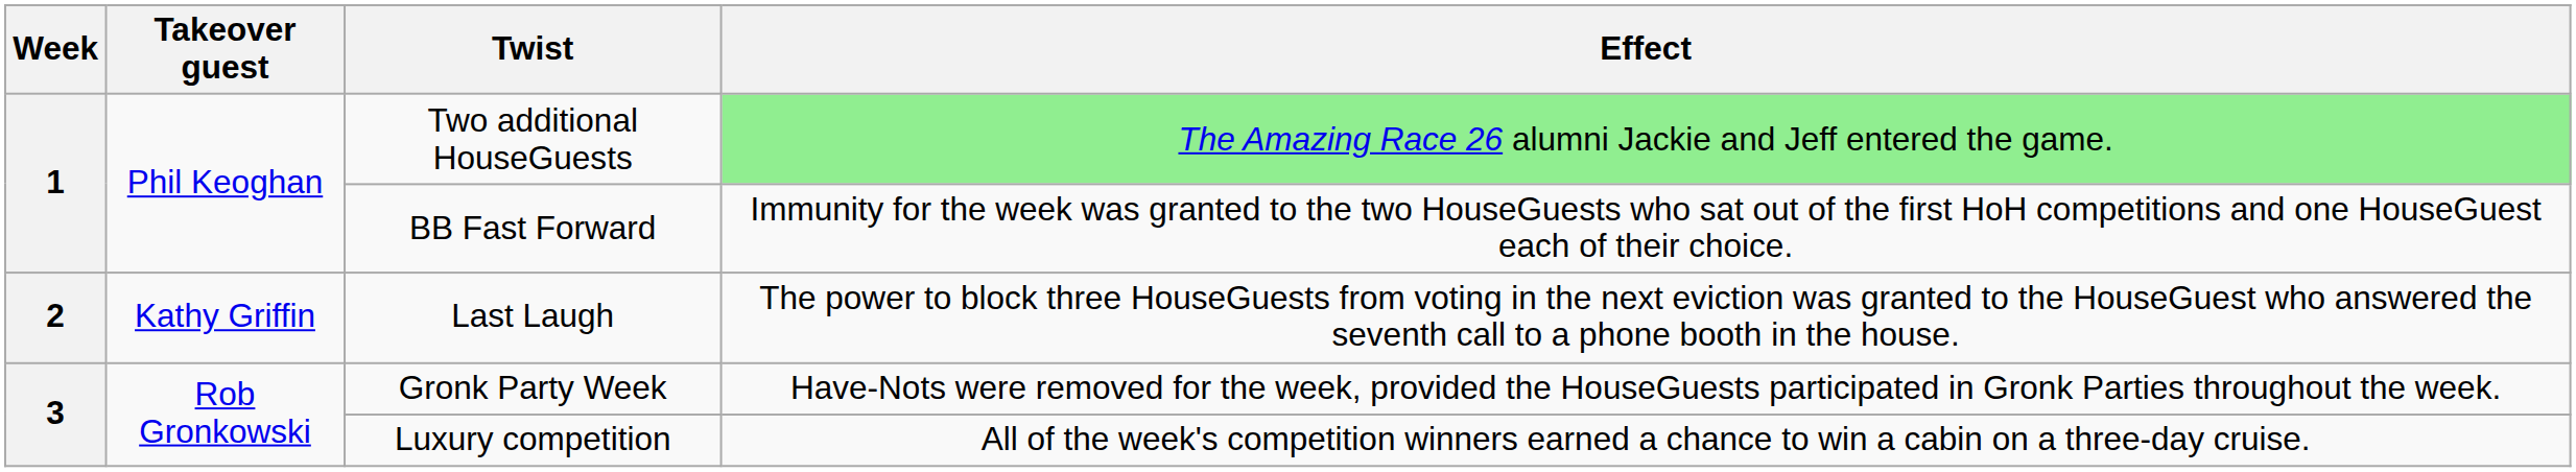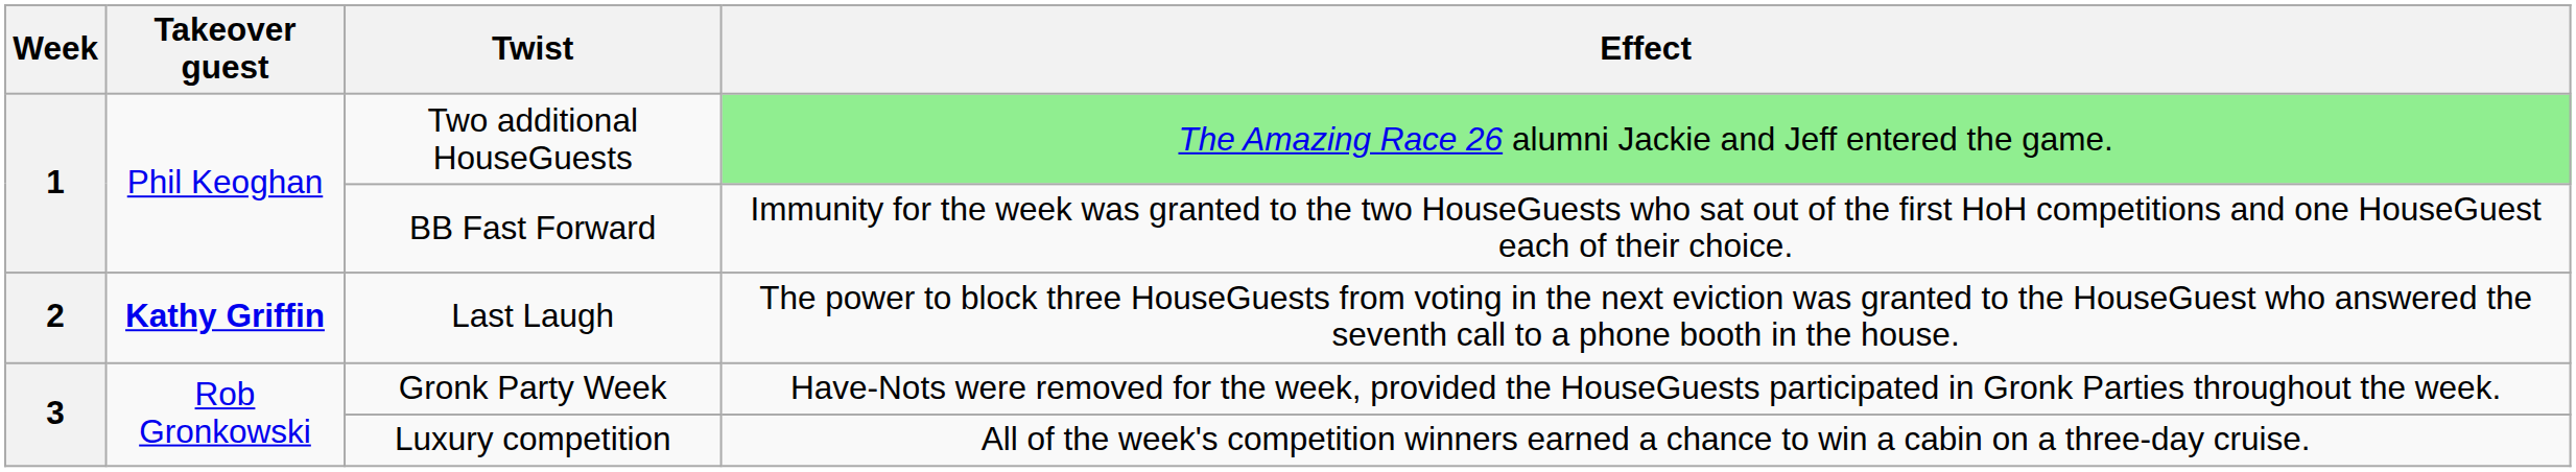 <table class="wikitable" style="text-align:center;">
 <tr>
 <th scope="col">Week</th>
 <th scope="col">Takeover guest</th>
 <th scope="col">Twist</th>
 <th scope="col">Effect</th>
 </tr>
 <tr>
 <th scope="rowgroup" rowspan=2>1</th>
 <td rowspan=2><a href='#'>Phil Keoghan</a></td>
 <td>Two additional HouseGuests</td>
 <td style="background: lightgreen;"><em><a href='#'>The Amazing Race 26</a></em> alumni Jackie and Jeff entered the game.</td>
 </tr>
 <tr>
 <td>BB Fast Forward</td>
 <td>Immunity for the week was granted to the two HouseGuests who sat out of the first HoH competitions and one HouseGuest each of their choice.</td>
 </tr>
 <tr>
 <th scope="row">2</th>
-<td><a href='#'>Kathy Griffin</a></td>
+<td><strong><a href='#'>Kathy Griffin</a></strong></td>
 <td>Last Laugh</td>
 <td>The power to block three HouseGuests from voting in the next eviction was granted to the HouseGuest who answered the seventh call to a phone booth in the house.</td>
 </tr>
 <tr>
 <th scope="rowgroup" rowspan=2>3</th>
 <td rowspan=2><a href='#'>Rob Gronkowski</a></td>
 <td>Gronk Party Week</td>
 <td>Have-Nots were removed for the week, provided the HouseGuests participated in Gronk Parties throughout the week.</td>
 </tr>
 <tr>
 <td>Luxury competition</td>
 <td>All of the week's competition winners earned a chance to win a cabin on a three-day cruise.</td>
 </tr>
 </table>
